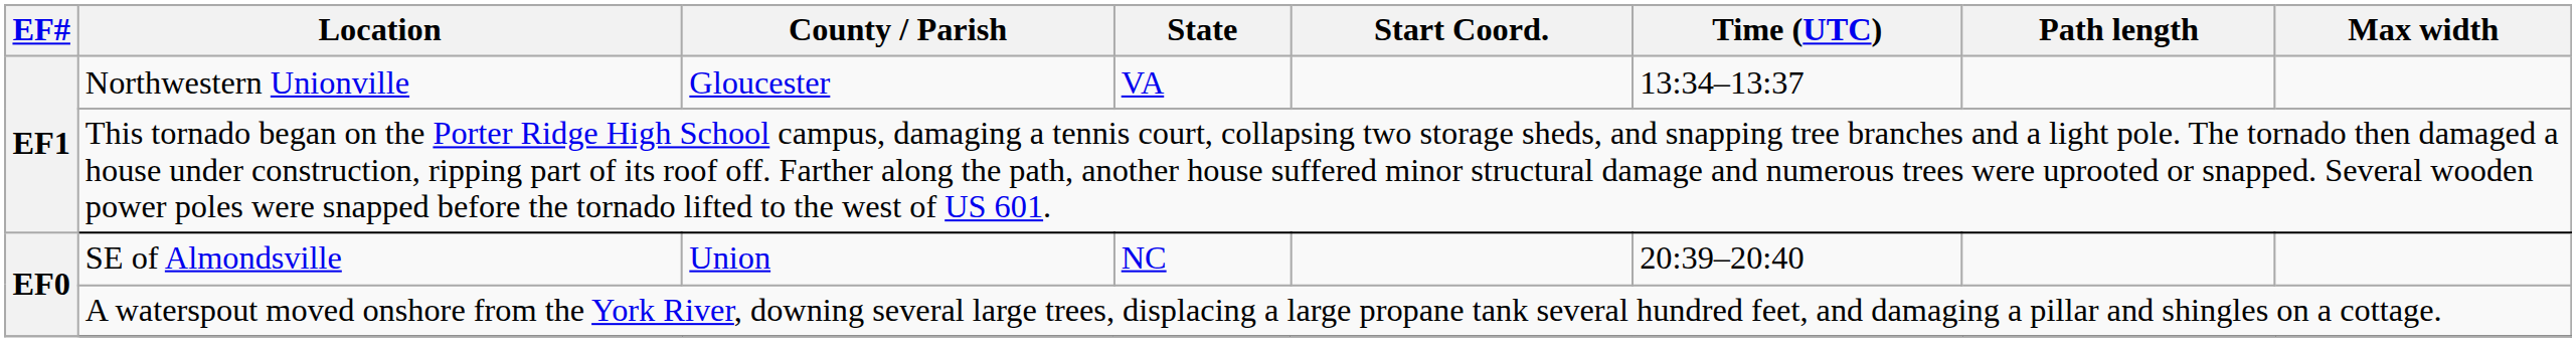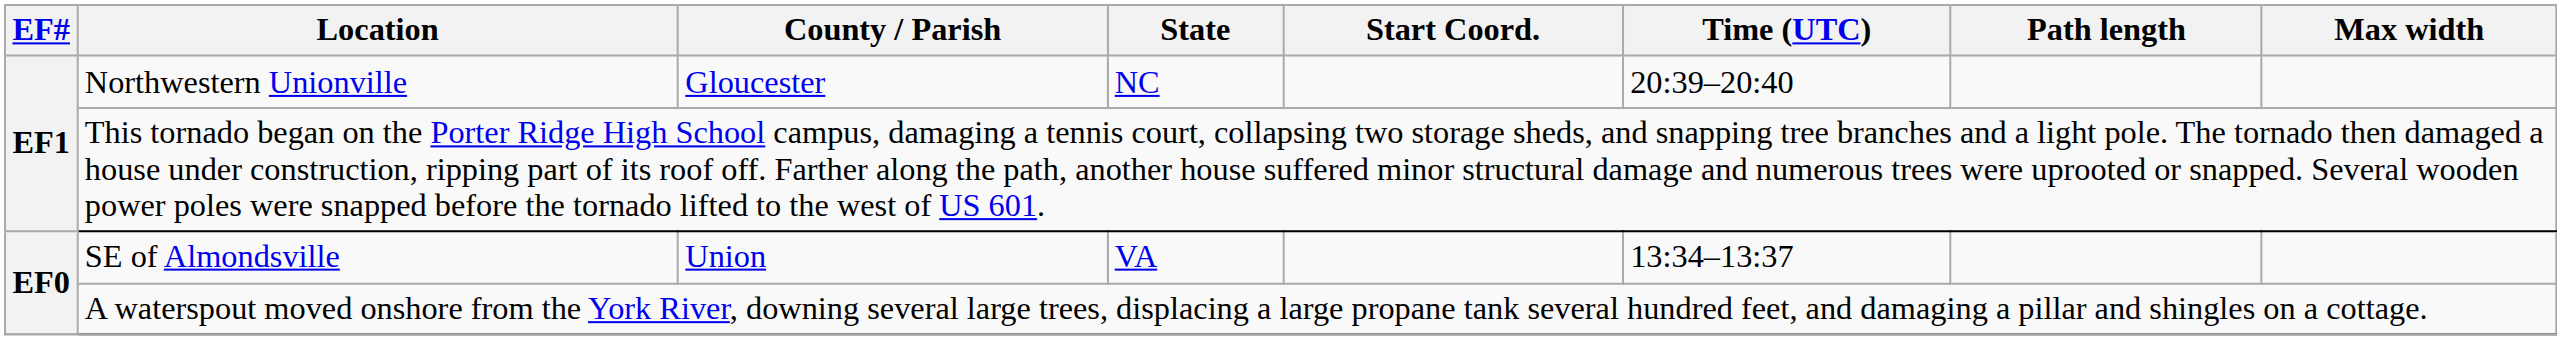 <table class="wikitable sortable" style="width:100%;">
 <tr>
 <th scope="col" width="2%" align="center"><a href='#'>EF#</a></th>
 <th scope="col" align="center" class="unsortable">Location</th>
 <th scope="col" align="center" class="unsortable">County / Parish</th>
 <th scope="col" align="center">State</th>
 <th scope="col" align="center">Start Coord.</th>
 <th scope="col" align="center">Time (<a href='#'>UTC</a>)</th>
 <th scope="col" align="center">Path length</th>
 <th scope="col" align="center">Max width</th>
 </tr>
 <tr>
 <th scope="row" rowspan="2" style="background-color:#">EF1</th>
 <td>Northwestern <a href='#'>Unionville</a></td>
 <td><a href='#'>Gloucester</a></td>
-<td><a href='#'>VA</a></td>
+<td><a href='#'>NC</a></td>
 <td></td>
-<td>13:34–13:37</td>
+<td>20:39–20:40</td>
 <td></td>
 <td></td>
 </tr>
 <tr class="expand-child">
 <td colspan="8" style=" border-bottom: 1px solid black;">This tornado began on the <a href='#'>Porter Ridge High School</a> campus, damaging a tennis court, collapsing two storage sheds, and snapping tree branches and a light pole. The tornado then damaged a house under construction, ripping part of its roof off. Farther along the path, another house suffered minor structural damage and numerous trees were uprooted or snapped. Several wooden power poles were snapped before the tornado lifted to the west of <a href='#'>US 601</a>.</td>
 </tr>
 <tr>
 <th scope="row" rowspan="2" style="background-color:#">EF0</th>
 <td>SE of <a href='#'>Almondsville</a></td>
 <td><a href='#'>Union</a></td>
-<td><a href='#'>NC</a></td>
+<td><a href='#'>VA</a></td>
 <td></td>
-<td>20:39–20:40</td>
+<td>13:34–13:37</td>
 <td></td>
 <td></td>
 </tr>
 <tr class="expand-child">
 <td colspan="8" style=" border-bottom: 1px solid black;">A waterspout moved onshore from the <a href='#'>York River</a>, downing several large trees, displacing a large propane tank several hundred feet, and damaging a pillar and shingles on a cottage.</td>
 </tr>
 <tr>
 </tr>
 </table>
